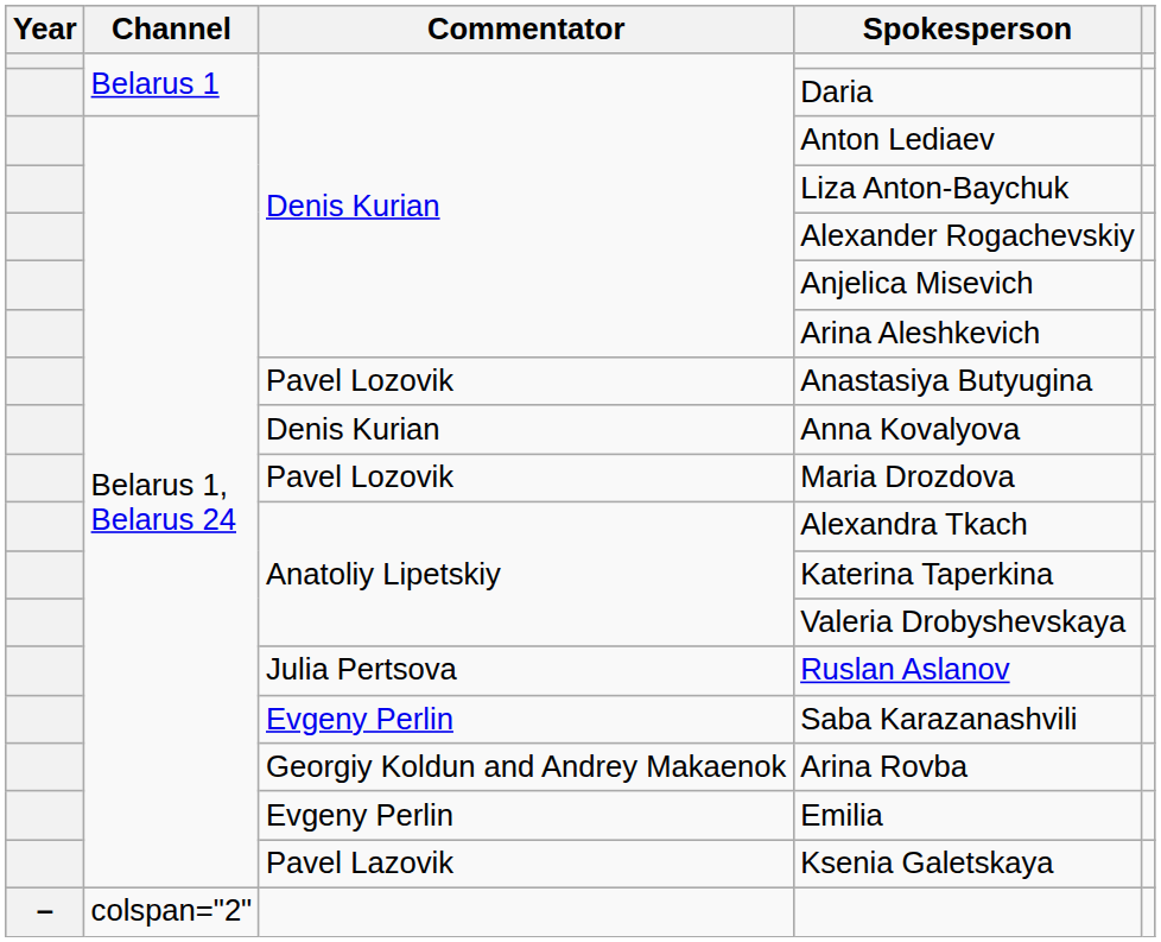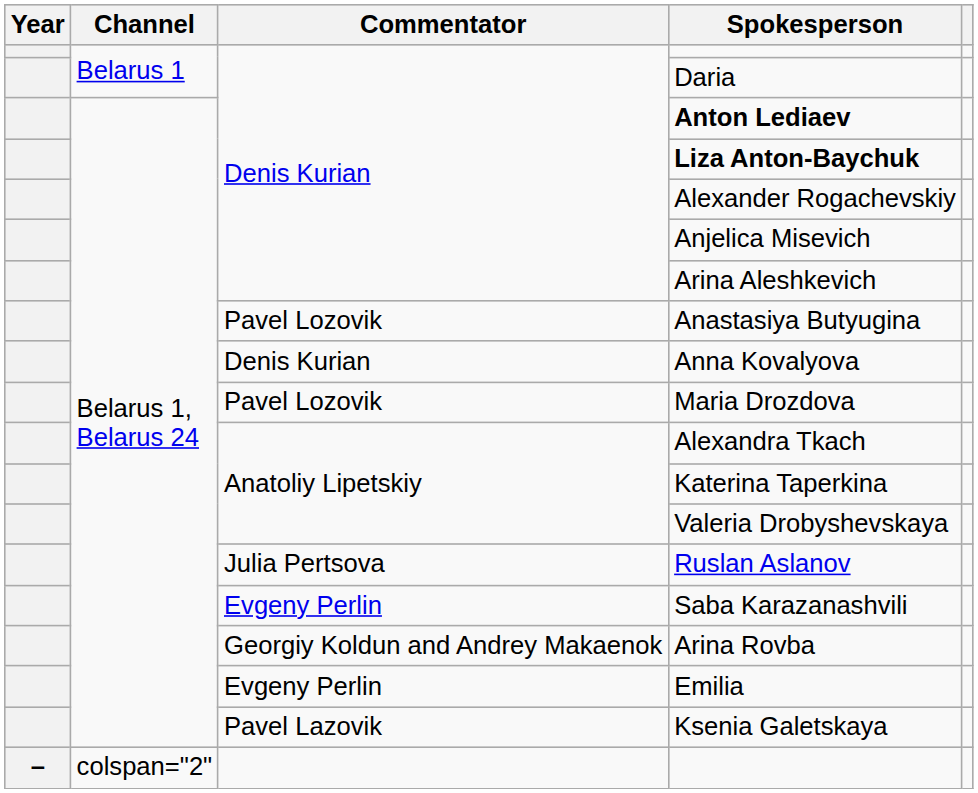 <table class="wikitable sortable plainrowheaders">
 <tr>
 <th scope="col">Year</th>
 <th scope="col">Channel</th>
 <th scope="col">Commentator</th>
 <th scope="col">Spokesperson</th>
 <th scope="col" class="unsortable"></th>
 </tr>
 <tr>
 <th scope="row"></th>
 <td rowspan="2"><a href='#'>Belarus 1</a></td>
 <td rowspan="7"><a href='#'>Denis Kurian</a></td>
 <td></td>
 <td></td>
 </tr>
 <tr>
 <th scope="row"></th>
 <td>Daria</td>
 <td></td>
 </tr>
 <tr>
 <th scope="row"></th>
 <td rowspan="16">Belarus 1,<br><a href='#'>Belarus 24</a></td>
-<td>Anton Lediaev</td>
+<td><strong>Anton Lediaev</strong></td>
 <td></td>
 </tr>
 <tr>
 <th scope="row"></th>
-<td>Liza Anton-Baychuk</td>
+<td><strong>Liza Anton-Baychuk</strong></td>
 <td></td>
 </tr>
 <tr>
 <th scope="row"></th>
 <td>Alexander Rogachevskiy</td>
 <td></td>
 </tr>
 <tr>
 <th scope="row"></th>
 <td>Anjelica Misevich</td>
 <td></td>
 </tr>
 <tr>
 <th scope="row"></th>
 <td>Arina Aleshkevich</td>
 <td></td>
 </tr>
 <tr>
 <th scope="row"></th>
 <td>Pavel Lozovik</td>
 <td>Anastasiya Butyugina</td>
 <td></td>
 </tr>
 <tr>
 <th scope="row"></th>
 <td>Denis Kurian</td>
 <td>Anna Kovalyova</td>
 <td></td>
 </tr>
 <tr>
 <th scope="row"></th>
 <td>Pavel Lozovik</td>
 <td>Maria Drozdova</td>
 <td></td>
 </tr>
 <tr>
 <th scope="row"></th>
 <td rowspan="3">Anatoliy Lipetskiy</td>
 <td>Alexandra Tkach</td>
 <td></td>
 </tr>
 <tr>
 <th scope="row"></th>
 <td>Katerina Taperkina</td>
 <td></td>
 </tr>
 <tr>
 <th scope="row"></th>
 <td>Valeria Drobyshevskaya</td>
 <td></td>
 </tr>
 <tr>
 <th scope="row"></th>
 <td>Julia Pertsova</td>
 <td><a href='#'>Ruslan Aslanov</a></td>
 <td></td>
 </tr>
 <tr>
 <th scope="row"></th>
 <td><a href='#'>Evgeny Perlin</a></td>
 <td>Saba Karazanashvili</td>
 <td></td>
 </tr>
 <tr>
 <th scope="row"></th>
 <td>Georgiy Koldun and Andrey Makaenok</td>
 <td>Arina Rovba</td>
 <td></td>
 </tr>
 <tr>
 <th scope="row"></th>
 <td>Evgeny Perlin</td>
 <td>Emilia</td>
 <td></td>
 </tr>
 <tr>
 <th scope="row"></th>
 <td>Pavel Lazovik</td>
 <td>Ksenia Galetskaya</td>
 <td></td>
 </tr>
 <tr>
 <th scope="row">–</th>
 <td>colspan="2" </td>
 <td></td>
 <td></td>
 </tr>
 </table>
